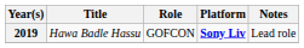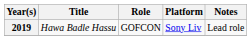 <table class="wikitable plainrowheaders sortable">
 <tr>
 <th scope="col">Year(s)</th>
 <th scope="col">Title</th>
 <th scope="col">Role</th>
 <th scope="col">Platform</th>
 <th scope="col" class="unsortable">Notes</th>
 </tr>
 <tr>
 <th scope="row">2019</th>
 <td><em>Hawa Badle Hassu</em></td>
 <td>GOFCON</td>
-<td><strong><a href='#'>Sony Liv</a></strong></td>
+<td><a href='#'>Sony Liv</a></td>
 <td>Lead role</td>
 </tr>
 <tr>
 </tr>
 </table>
